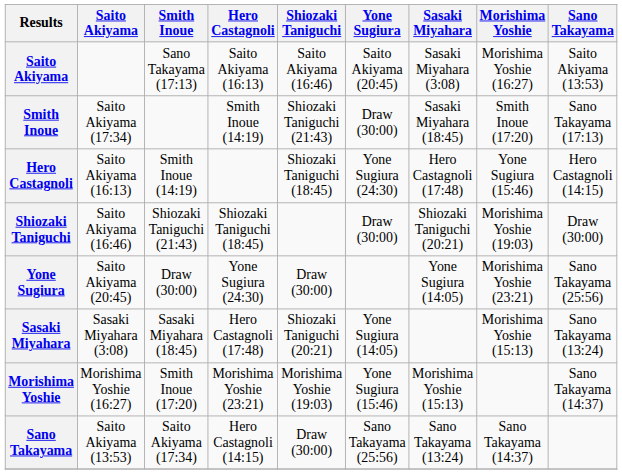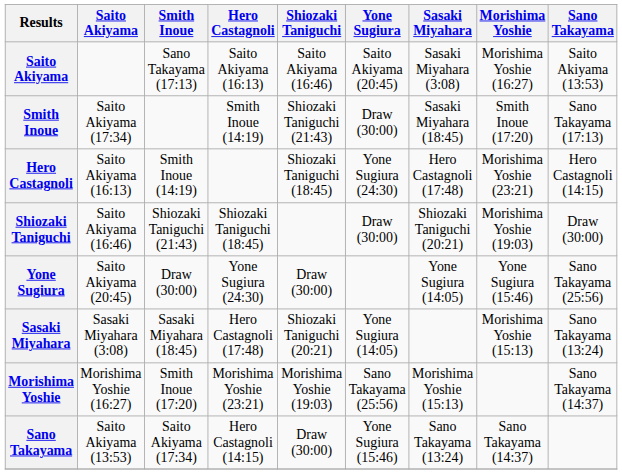 <table class="wikitable" style="margin: 1em auto 1em auto;text-align:center">
 <tr>
 <th>Results</th>
 <th><a href='#'>Saito</a><br><a href='#'>Akiyama</a></th>
 <th><a href='#'>Smith</a><br><a href='#'>Inoue</a></th>
 <th><a href='#'>Hero</a><br><a href='#'>Castagnoli</a></th>
 <th><a href='#'>Shiozaki</a><br><a href='#'>Taniguchi</a></th>
 <th><a href='#'>Yone</a><br><a href='#'>Sugiura</a></th>
 <th><a href='#'>Sasaki</a><br><a href='#'>Miyahara</a></th>
 <th><a href='#'>Morishima</a><br><a href='#'>Yoshie</a></th>
 <th><a href='#'>Sano</a><br><a href='#'>Takayama</a></th>
 </tr>
 <tr>
 <th><a href='#'>Saito</a><br><a href='#'>Akiyama</a></th>
 <td></td>
 <td>Sano<br>Takayama<br>(17:13)</td>
 <td>Saito<br>Akiyama<br>(16:13)</td>
 <td>Saito<br>Akiyama<br>(16:46)</td>
 <td>Saito<br>Akiyama<br>(20:45)</td>
 <td>Sasaki<br>Miyahara<br>(3:08)</td>
 <td>Morishima<br>Yoshie<br>(16:27)</td>
 <td>Saito<br>Akiyama<br>(13:53)</td>
 </tr>
 <tr>
 <th><a href='#'>Smith</a><br><a href='#'>Inoue</a></th>
 <td>Saito<br>Akiyama<br>(17:34)</td>
 <td></td>
 <td>Smith<br>Inoue<br>(14:19)</td>
 <td>Shiozaki<br>Taniguchi<br>(21:43)</td>
 <td>Draw<br>(30:00)</td>
 <td>Sasaki<br>Miyahara<br>(18:45)</td>
 <td>Smith<br>Inoue<br>(17:20)</td>
 <td>Sano<br>Takayama<br>(17:13)</td>
 </tr>
 <tr>
 <th><a href='#'>Hero</a><br><a href='#'>Castagnoli</a></th>
 <td>Saito<br>Akiyama<br>(16:13)</td>
 <td>Smith<br>Inoue<br>(14:19)</td>
 <td></td>
 <td>Shiozaki<br>Taniguchi<br>(18:45)</td>
 <td>Yone<br>Sugiura<br>(24:30)</td>
 <td>Hero<br>Castagnoli<br>(17:48)</td>
-<td>Yone<br>Sugiura<br>(15:46)</td>
+<td>Morishima<br>Yoshie<br>(23:21)</td>
 <td>Hero<br>Castagnoli<br>(14:15)</td>
 </tr>
 <tr>
 <th><a href='#'>Shiozaki</a><br><a href='#'>Taniguchi</a></th>
 <td>Saito<br>Akiyama<br>(16:46)</td>
 <td>Shiozaki<br>Taniguchi<br>(21:43)</td>
 <td>Shiozaki<br>Taniguchi<br>(18:45)</td>
 <td></td>
 <td>Draw<br>(30:00)</td>
 <td>Shiozaki<br>Taniguchi<br>(20:21)</td>
 <td>Morishima<br>Yoshie<br>(19:03)</td>
 <td>Draw<br>(30:00)</td>
 </tr>
 <tr>
 <th><a href='#'>Yone</a><br><a href='#'>Sugiura</a></th>
 <td>Saito<br>Akiyama<br>(20:45)</td>
 <td>Draw<br>(30:00)</td>
 <td>Yone<br>Sugiura<br>(24:30)</td>
 <td>Draw<br>(30:00)</td>
 <td></td>
 <td>Yone<br>Sugiura<br>(14:05)</td>
-<td>Morishima<br>Yoshie<br>(23:21)</td>
+<td>Yone<br>Sugiura<br>(15:46)</td>
 <td>Sano<br>Takayama<br>(25:56)</td>
 </tr>
 <tr>
 <th><a href='#'>Sasaki</a><br><a href='#'>Miyahara</a></th>
 <td>Sasaki<br>Miyahara<br>(3:08)</td>
 <td>Sasaki<br>Miyahara<br>(18:45)</td>
 <td>Hero<br>Castagnoli<br>(17:48)</td>
 <td>Shiozaki<br>Taniguchi<br>(20:21)</td>
 <td>Yone<br>Sugiura<br>(14:05)</td>
 <td></td>
 <td>Morishima<br>Yoshie<br>(15:13)</td>
 <td>Sano<br>Takayama<br>(13:24)</td>
 </tr>
 <tr>
 <th><a href='#'>Morishima</a><br><a href='#'>Yoshie</a></th>
 <td>Morishima<br>Yoshie<br>(16:27)</td>
 <td>Smith<br>Inoue<br>(17:20)</td>
 <td>Morishima<br>Yoshie<br>(23:21)</td>
 <td>Morishima<br>Yoshie<br>(19:03)</td>
-<td>Yone<br>Sugiura<br>(15:46)</td>
+<td>Sano<br>Takayama<br>(25:56)</td>
 <td>Morishima<br>Yoshie<br>(15:13)</td>
 <td></td>
 <td>Sano<br>Takayama<br>(14:37)</td>
 </tr>
 <tr>
 <th><a href='#'>Sano</a><br><a href='#'>Takayama</a></th>
 <td>Saito<br>Akiyama<br>(13:53)</td>
 <td>Saito<br>Akiyama<br>(17:34)</td>
 <td>Hero<br>Castagnoli<br>(14:15)</td>
 <td>Draw<br>(30:00)</td>
-<td>Sano<br>Takayama<br>(25:56)</td>
+<td>Yone<br>Sugiura<br>(15:46)</td>
 <td>Sano<br>Takayama<br>(13:24)</td>
 <td>Sano<br>Takayama<br>(14:37)</td>
 <td></td>
 </tr>
 <tr>
 </tr>
 </table>
